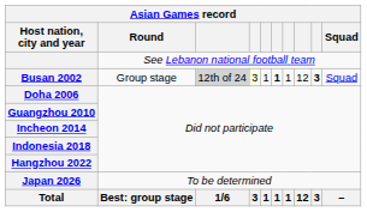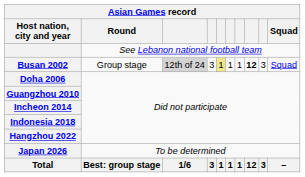 <table class="wikitable plainrowheaders" style="min-width:50%; font-size:90%; text-align:center;">
 <tr>
 <th colspan=10 style="width:80px;"><a href='#'>Asian Games</a> record</th>
 </tr>
 <tr>
 <th scope="col">Host nation,<br>city and year</th>
 <th scope="col">Round</th>
 <th scope="col"></th>
 <th scope="col"></th>
 <th scope="col"></th>
 <th scope="col"></th>
 <th scope="col"></th>
 <th scope="col"></th>
 <th scope="col"></th>
 <th scope="col">Squad</th>
 </tr>
 <tr>
 <th scope="row"></th>
 <td colspan="9"><em>See <a href='#'>Lebanon national football team</a></em></td>
 </tr>
 <tr>
 <th scope="row"> <a href='#'>Busan 2002</a></th>
 <td>Group stage</td>
 <td style="background: lightgrey;">12th of 24</td>
-<td style="background: lightyellow;">3</td>
+<td>3</td>
+<td style="background: khaki;">1</td>
 <td>1</td>
-<td><strong>1</strong></td>
 <td>1</td>
-<td>12</td>
-<td><strong>3</strong></td>
+<td><strong>12</strong></td>
+<td>3</td>
 <td><a href='#'>Squad</a></td>
 </tr>
 <tr>
 <th scope="row"> <a href='#'>Doha 2006</a></th>
 <td colspan="9" rowspan="5"><em>Did not participate</em></td>
 </tr>
 <tr>
 <th scope="row"> <a href='#'>Guangzhou 2010</a></th>
 </tr>
 <tr>
 <th scope="row"> <a href='#'>Incheon 2014</a></th>
 </tr>
 <tr>
 <th scope="row"> <a href='#'>Indonesia 2018</a></th>
 </tr>
 <tr>
 <th scope="row"> <a href='#'>Hangzhou 2022</a></th>
 </tr>
 <tr>
 <th scope="row"> <a href='#'>Japan 2026</a></th>
 <td colspan="9"><em>To be determined</em></td>
 </tr>
 <tr>
 <th>Total</th>
 <th>Best: group stage</th>
 <th>1/6</th>
 <th>3</th>
 <th>1</th>
 <th>1</th>
 <th>1</th>
 <th>12</th>
 <th>3</th>
 <th>–</th>
 </tr>
 </table>
